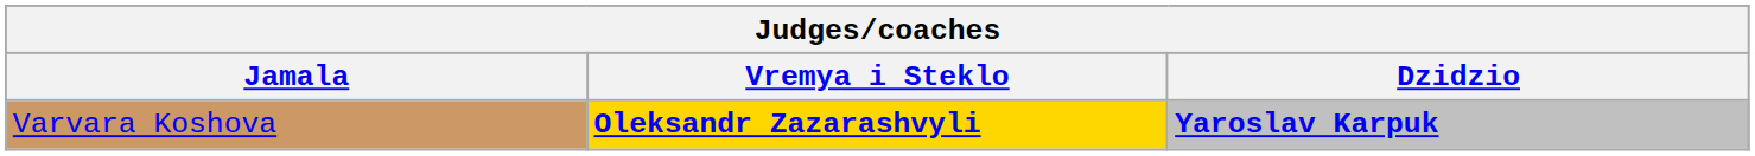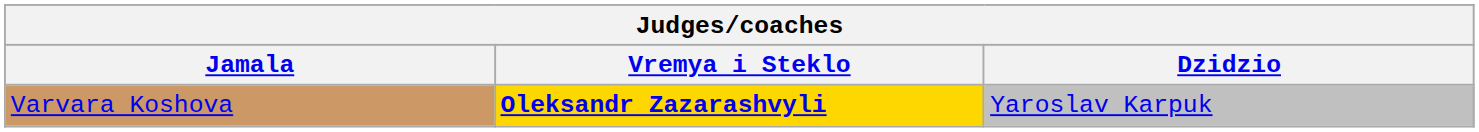 <table class="wikitable" text=align:center>
 <tr>
 <th colspan=4 style="width:95%;">Judges/coaches</th>
 </tr>
 <tr>
 <th style="width:23%;" scope="col"><a href='#'>Jamala</a></th>
 <th style="width:23%;" scope="col"><a href='#'>Vremya i Steklo</a></th>
 <th style="width:23%;" scope="col"><a href='#'>Dzidzio</a></th>
 </tr>
 <tr>
 <td style="background:#cc9966"><a href='#'>Varvara Koshova</a><br></td>
 <td style="background:gold"><strong><a href='#'>Oleksandr Zazarashvyli</a></strong> <br></td>
-<td style="background:silver"><strong><a href='#'>Yaroslav Karpuk</a><br></strong></td>
+<td style="background:silver"><a href='#'>Yaroslav Karpuk</a><br></td>
 </tr>
 </table>
